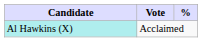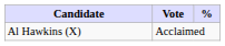 <table class="wikitable">
 <tr>
 <th style="background:#ddf; width:200px;">Candidate</th>
 <th style="background:#ddf; width:50px;">Vote</th>
 <th style="background:#ddf; width:30px;">%</th>
 </tr>
 <tr>
-<td style="background: paleturquoise;">Al Hawkins (X)</td>
+<td>Al Hawkins (X)</td>
 <td colspan="2">Acclaimed</td>
 </tr>
 </table>
